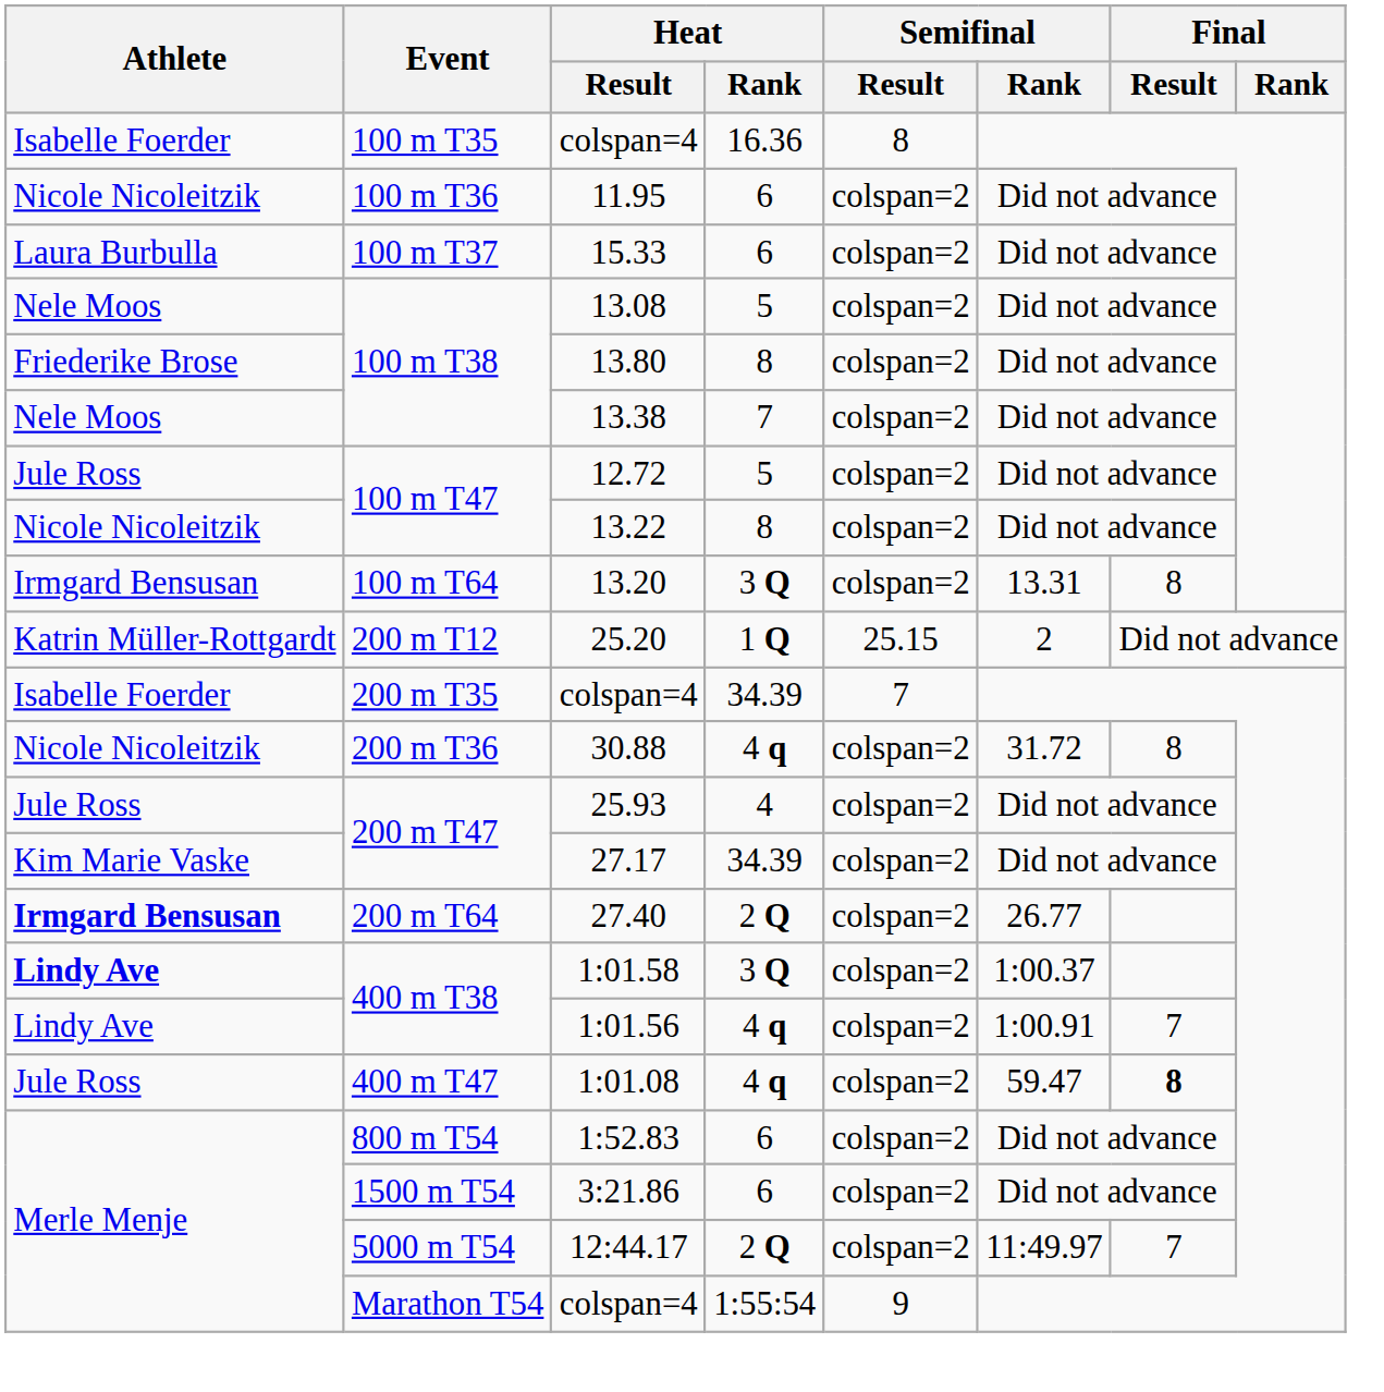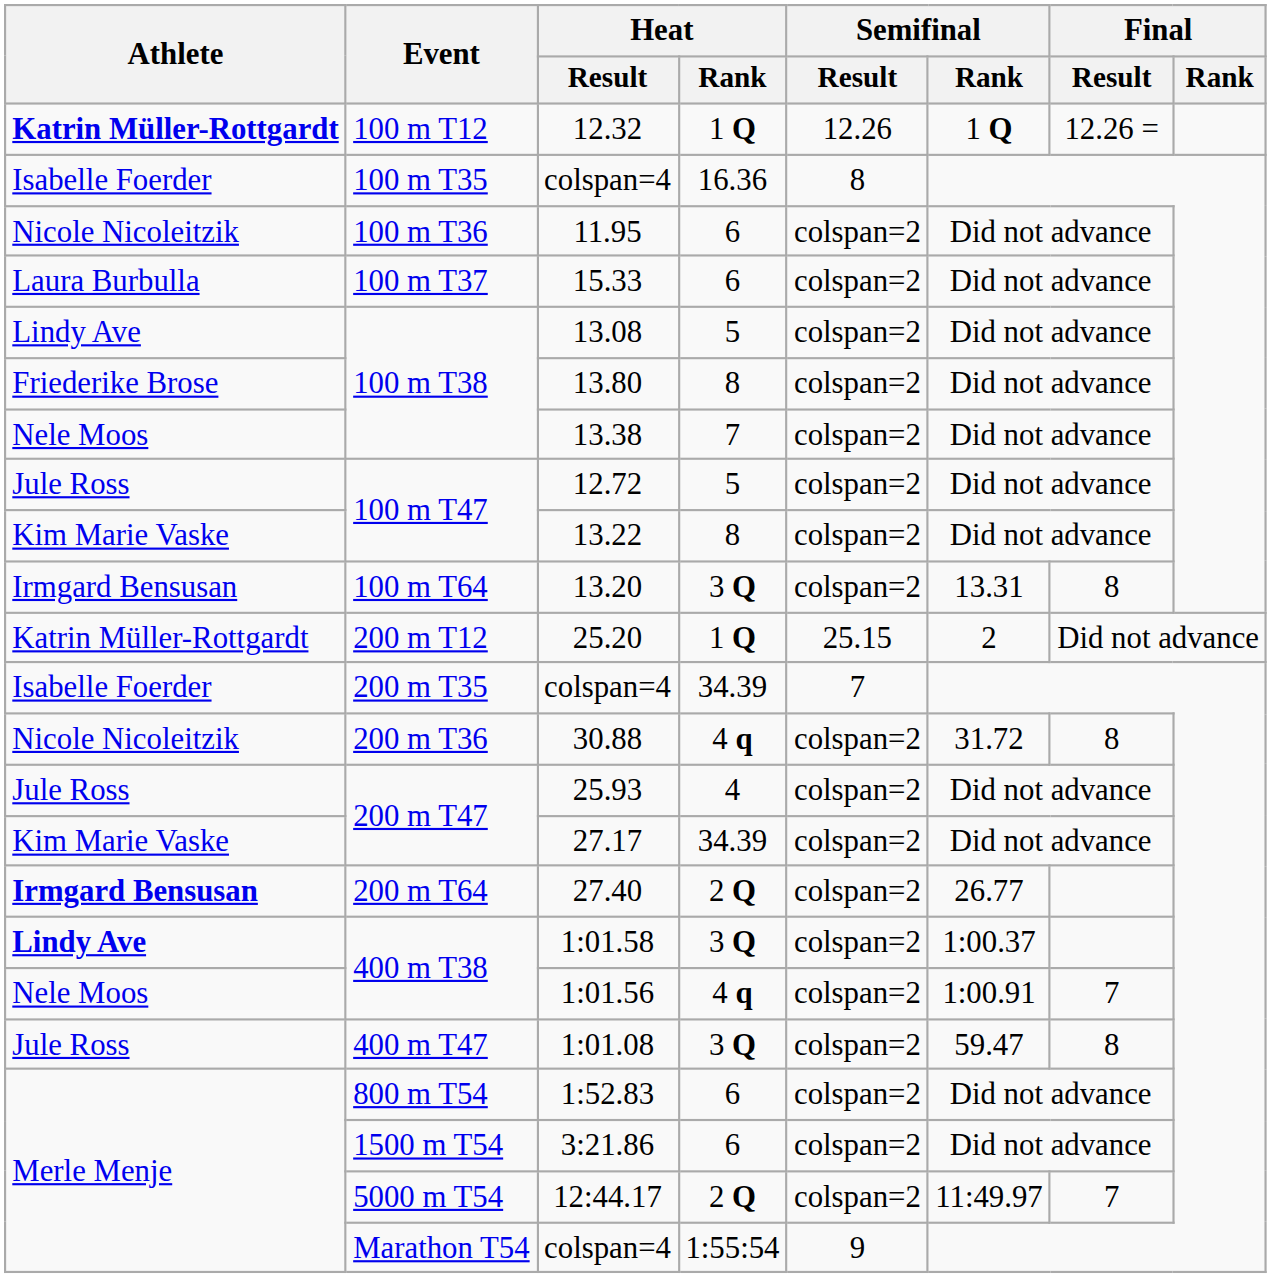 <table class="wikitable" style="font-size:90%">
 <tr>
 <th rowspan="2">Athlete</th>
 <th rowspan="2">Event</th>
 <th colspan="2">Heat</th>
 <th colspan="2">Semifinal</th>
 <th colspan="2">Final</th>
 </tr>
 <tr style="font-size:95%">
 <th>Result</th>
 <th>Rank</th>
 <th>Result</th>
 <th>Rank</th>
 <th>Result</th>
 <th>Rank</th>
+</tr>
+<tr align=center>
+<td align=left><strong><a href='#'>Katrin Müller-Rottgardt</a></strong></td>
+<td align=left><a href='#'>100 m T12</a></td>
+<td>12.32 </td>
+<td>1 <strong>Q</strong></td>
+<td>12.26 </td>
+<td>1 <strong>Q</strong></td>
+<td>12.26 =</td>
+<td></td>
 </tr>
 <tr align=center>
 <td align=left><a href='#'>Isabelle Foerder</a></td>
 <td align=left><a href='#'>100 m T35</a></td>
 <td>colspan=4</td>
 <td>16.36</td>
 <td>8</td>
 </tr>
 <tr align=center>
 <td align=left><a href='#'>Nicole Nicoleitzik</a></td>
 <td align=left><a href='#'>100 m T36</a></td>
 <td>11.95</td>
 <td>6</td>
 <td>colspan=2</td>
 <td colspan=2>Did not advance</td>
 </tr>
 <tr align=center>
 <td align=left><a href='#'>Laura Burbulla</a></td>
 <td align=left><a href='#'>100 m T37</a></td>
 <td>15.33 </td>
 <td>6</td>
 <td>colspan=2</td>
 <td colspan=2>Did not advance</td>
 </tr>
 <tr align=center>
-<td align=left><a href='#'>Nele Moos</a></td>
+<td align=left><a href='#'>Lindy Ave</a></td>
 <td align=left rowspan=3><a href='#'>100 m T38</a></td>
 <td>13.08 </td>
 <td>5</td>
 <td>colspan=2</td>
 <td colspan=2>Did not advance</td>
 </tr>
 <tr align=center>
 <td align=left><a href='#'>Friederike Brose</a></td>
 <td>13.80</td>
 <td>8</td>
 <td>colspan=2</td>
 <td colspan=2>Did not advance</td>
 </tr>
 <tr align=center>
 <td align=left><a href='#'>Nele Moos</a></td>
 <td>13.38 </td>
 <td>7</td>
 <td>colspan=2</td>
 <td colspan=2>Did not advance</td>
 </tr>
 <tr align=center>
 <td align=left><a href='#'>Jule Ross</a></td>
 <td align=left rowspan=2><a href='#'>100 m T47</a></td>
 <td>12.72 </td>
 <td>5</td>
 <td>colspan=2</td>
 <td colspan=2>Did not advance</td>
 </tr>
 <tr align=center>
-<td align=left><a href='#'>Nicole Nicoleitzik</a></td>
+<td align=left><a href='#'>Kim Marie Vaske</a></td>
 <td>13.22</td>
 <td>8</td>
 <td>colspan=2</td>
 <td colspan=2>Did not advance</td>
 </tr>
 <tr align=center>
 <td align=left><a href='#'>Irmgard Bensusan</a></td>
 <td align=left><a href='#'>100 m T64</a></td>
 <td>13.20</td>
 <td>3 <strong>Q</strong></td>
 <td>colspan=2</td>
 <td>13.31</td>
 <td>8</td>
 </tr>
 <tr align=center>
 <td align=left><a href='#'>Katrin Müller-Rottgardt</a></td>
 <td align=left><a href='#'>200 m T12</a></td>
 <td>25.20 </td>
 <td>1 <strong>Q</strong></td>
 <td>25.15 </td>
 <td>2</td>
 <td colspan=2>Did not advance</td>
 </tr>
 <tr align=center>
 <td align=left><a href='#'>Isabelle Foerder</a></td>
 <td align=left><a href='#'>200 m T35</a></td>
 <td>colspan=4</td>
 <td>34.39</td>
 <td>7</td>
 </tr>
 <tr align=center>
 <td align=left><a href='#'>Nicole Nicoleitzik</a></td>
 <td align=left><a href='#'>200 m T36</a></td>
 <td>30.88</td>
 <td>4 <strong>q</strong></td>
 <td>colspan=2</td>
 <td>31.72</td>
 <td>8</td>
 </tr>
 <tr align=center>
 <td align=left><a href='#'>Jule Ross</a></td>
 <td align=left rowspan=2><a href='#'>200 m T47</a></td>
 <td>25.93 </td>
 <td>4</td>
 <td>colspan=2</td>
 <td colspan=2>Did not advance</td>
 </tr>
 <tr align=center>
 <td align=left><a href='#'>Kim Marie Vaske</a></td>
 <td>27.17 </td>
 <td>34.39</td>
 <td>colspan=2</td>
 <td colspan=2>Did not advance</td>
 </tr>
 <tr align=center>
 <td align=left><strong><a href='#'>Irmgard Bensusan</a></strong></td>
 <td align=left><a href='#'>200 m T64</a></td>
 <td>27.40</td>
 <td>2 <strong>Q</strong></td>
 <td>colspan=2</td>
 <td>26.77 </td>
 <td></td>
 </tr>
 <tr align=center>
 <td align=left><strong><a href='#'>Lindy Ave</a></strong></td>
 <td align=left rowspan=2><a href='#'>400 m T38</a></td>
 <td>1:01.58</td>
 <td>3 <strong>Q</strong></td>
 <td>colspan=2</td>
 <td>1:00.37 </td>
 <td></td>
 </tr>
 <tr align=center>
-<td align=left><a href='#'>Lindy Ave</a></td>
+<td align=left><a href='#'>Nele Moos</a></td>
 <td>1:01.56</td>
 <td>4 <strong>q</strong></td>
 <td>colspan=2</td>
 <td>1:00.91 </td>
 <td>7</td>
 </tr>
 <tr align=center>
 <td align=left><a href='#'>Jule Ross</a></td>
 <td align=left><a href='#'>400 m T47</a></td>
 <td>1:01.08</td>
-<td>4 <strong>q</strong></td>
+<td>3 <strong>Q</strong></td>
 <td>colspan=2</td>
 <td>59.47</td>
-<td><strong>8</strong></td>
+<td>8</td>
 </tr>
 <tr align=center>
 <td align=left rowspan=4><a href='#'>Merle Menje</a></td>
 <td align=left><a href='#'>800 m T54</a></td>
 <td>1:52.83</td>
 <td>6</td>
 <td>colspan=2</td>
 <td colspan=2>Did not advance</td>
 </tr>
 <tr align=center>
 <td align=left><a href='#'>1500 m T54</a></td>
 <td>3:21.86</td>
 <td>6</td>
 <td>colspan=2</td>
 <td colspan=2>Did not advance</td>
 </tr>
 <tr align=center>
 <td align=left><a href='#'>5000 m T54</a></td>
 <td>12:44.17</td>
 <td>2 <strong>Q</strong></td>
 <td>colspan=2</td>
 <td>11:49.97</td>
 <td>7</td>
 </tr>
 <tr align=center>
 <td align=left><a href='#'>Marathon T54</a></td>
 <td>colspan=4</td>
 <td>1:55:54</td>
 <td>9</td>
 </tr>
 </table>
